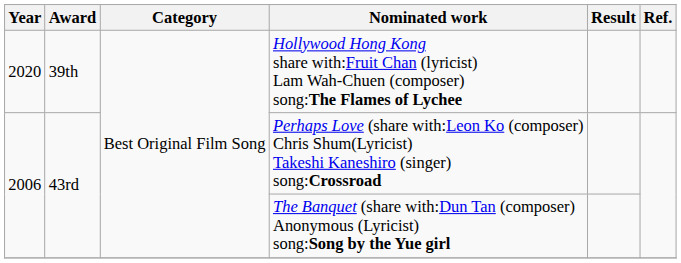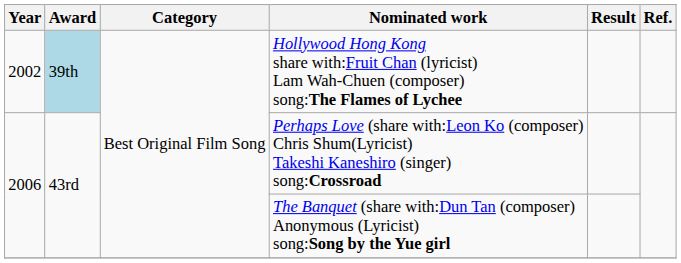 <table class="wikitable">
 <tr>
 <th>Year</th>
 <th>Award</th>
 <th>Category</th>
 <th>Nominated work</th>
 <th>Result</th>
 <th>Ref.</th>
 </tr>
 <tr>
-<td>2020</td>
-<td>39th</td>
+<td>2002</td>
+<td style="background: lightblue;">39th</td>
 <td rowspan=3>Best Original Film Song</td>
 <td><em><a href='#'>Hollywood Hong Kong</a></em> <br>share with:<a href='#'>Fruit Chan</a> (lyricist)<br> Lam Wah-Chuen (composer)<br>song:<strong>The Flames of Lychee</strong></td>
 <td></td>
 <td></td>
 </tr>
 <tr>
 <td rowspan=2>2006</td>
 <td rowspan=2>43rd</td>
 <td><em><a href='#'>Perhaps Love</a></em> (share with:<a href='#'>Leon Ko</a> (composer)<br>Chris Shum(Lyricist)<br> <a href='#'>Takeshi Kaneshiro</a> (singer)<br>song:<strong>Crossroad</strong></td>
 <td></td>
 <td rowspan=2></td>
 </tr>
 <tr>
 <td><em><a href='#'>The Banquet</a></em> (share with:<a href='#'>Dun Tan</a> (composer)<br>Anonymous (Lyricist)<br>song:<strong>Song by the Yue girl</strong></td>
 <td></td>
 </tr>
 <tr>
 </tr>
 </table>
